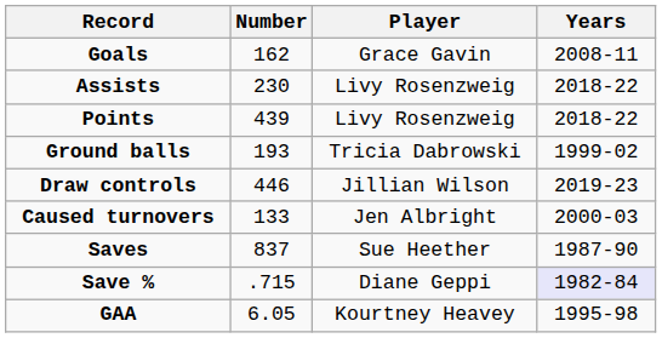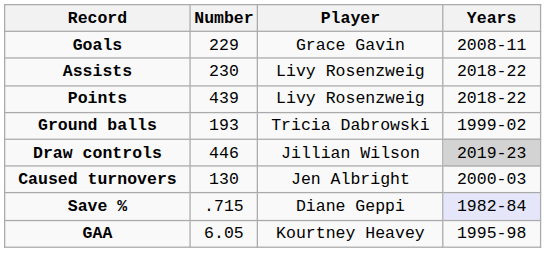 <table class="wikitable">
 <tr>
 <th style="width:140px; ">Record</th>
 <th style="width:35px; ">Number</th>
 <th style="width:140px; ">Player</th>
 <th style="width:70px; ">Years</th>
 </tr>
 <tr style="text-align:center;">
 <td><strong>Goals</strong></td>
-<td>162</td>
+<td>229</td>
 <td>Grace Gavin</td>
 <td>2008-11</td>
 </tr>
 <tr style="text-align:center;">
 <td><strong>Assists</strong></td>
 <td>230</td>
 <td>Livy Rosenzweig</td>
 <td>2018-22</td>
 </tr>
 <tr style="text-align:center;">
 <td><strong>Points</strong></td>
 <td>439</td>
 <td>Livy Rosenzweig</td>
 <td>2018-22</td>
 </tr>
 <tr style="text-align:center;">
 <td><strong>Ground balls</strong></td>
 <td>193</td>
 <td>Tricia Dabrowski</td>
 <td>1999-02</td>
 </tr>
 <tr style="text-align:center;">
 <td><strong>Draw controls</strong></td>
 <td>446</td>
 <td>Jillian Wilson</td>
-<td>2019-23</td>
+<td style="background: lightgrey;">2019-23</td>
 </tr>
 <tr style="text-align:center;">
 <td><strong>Caused turnovers</strong></td>
-<td>133</td>
+<td>130</td>
 <td>Jen Albright</td>
 <td>2000-03</td>
-</tr>
-<tr style="text-align:center;">
-<td><strong>Saves</strong></td>
-<td>837</td>
-<td>Sue Heether</td>
-<td>1987-90</td>
 </tr>
 <tr style="text-align:center;">
 <td><strong>Save %</strong></td>
 <td>.715</td>
 <td>Diane Geppi</td>
 <td style="background: lavender;">1982-84</td>
 </tr>
 <tr style="text-align:center;">
 <td><strong>GAA</strong></td>
 <td>6.05</td>
 <td>Kourtney Heavey</td>
 <td>1995-98</td>
 </tr>
 </table>
